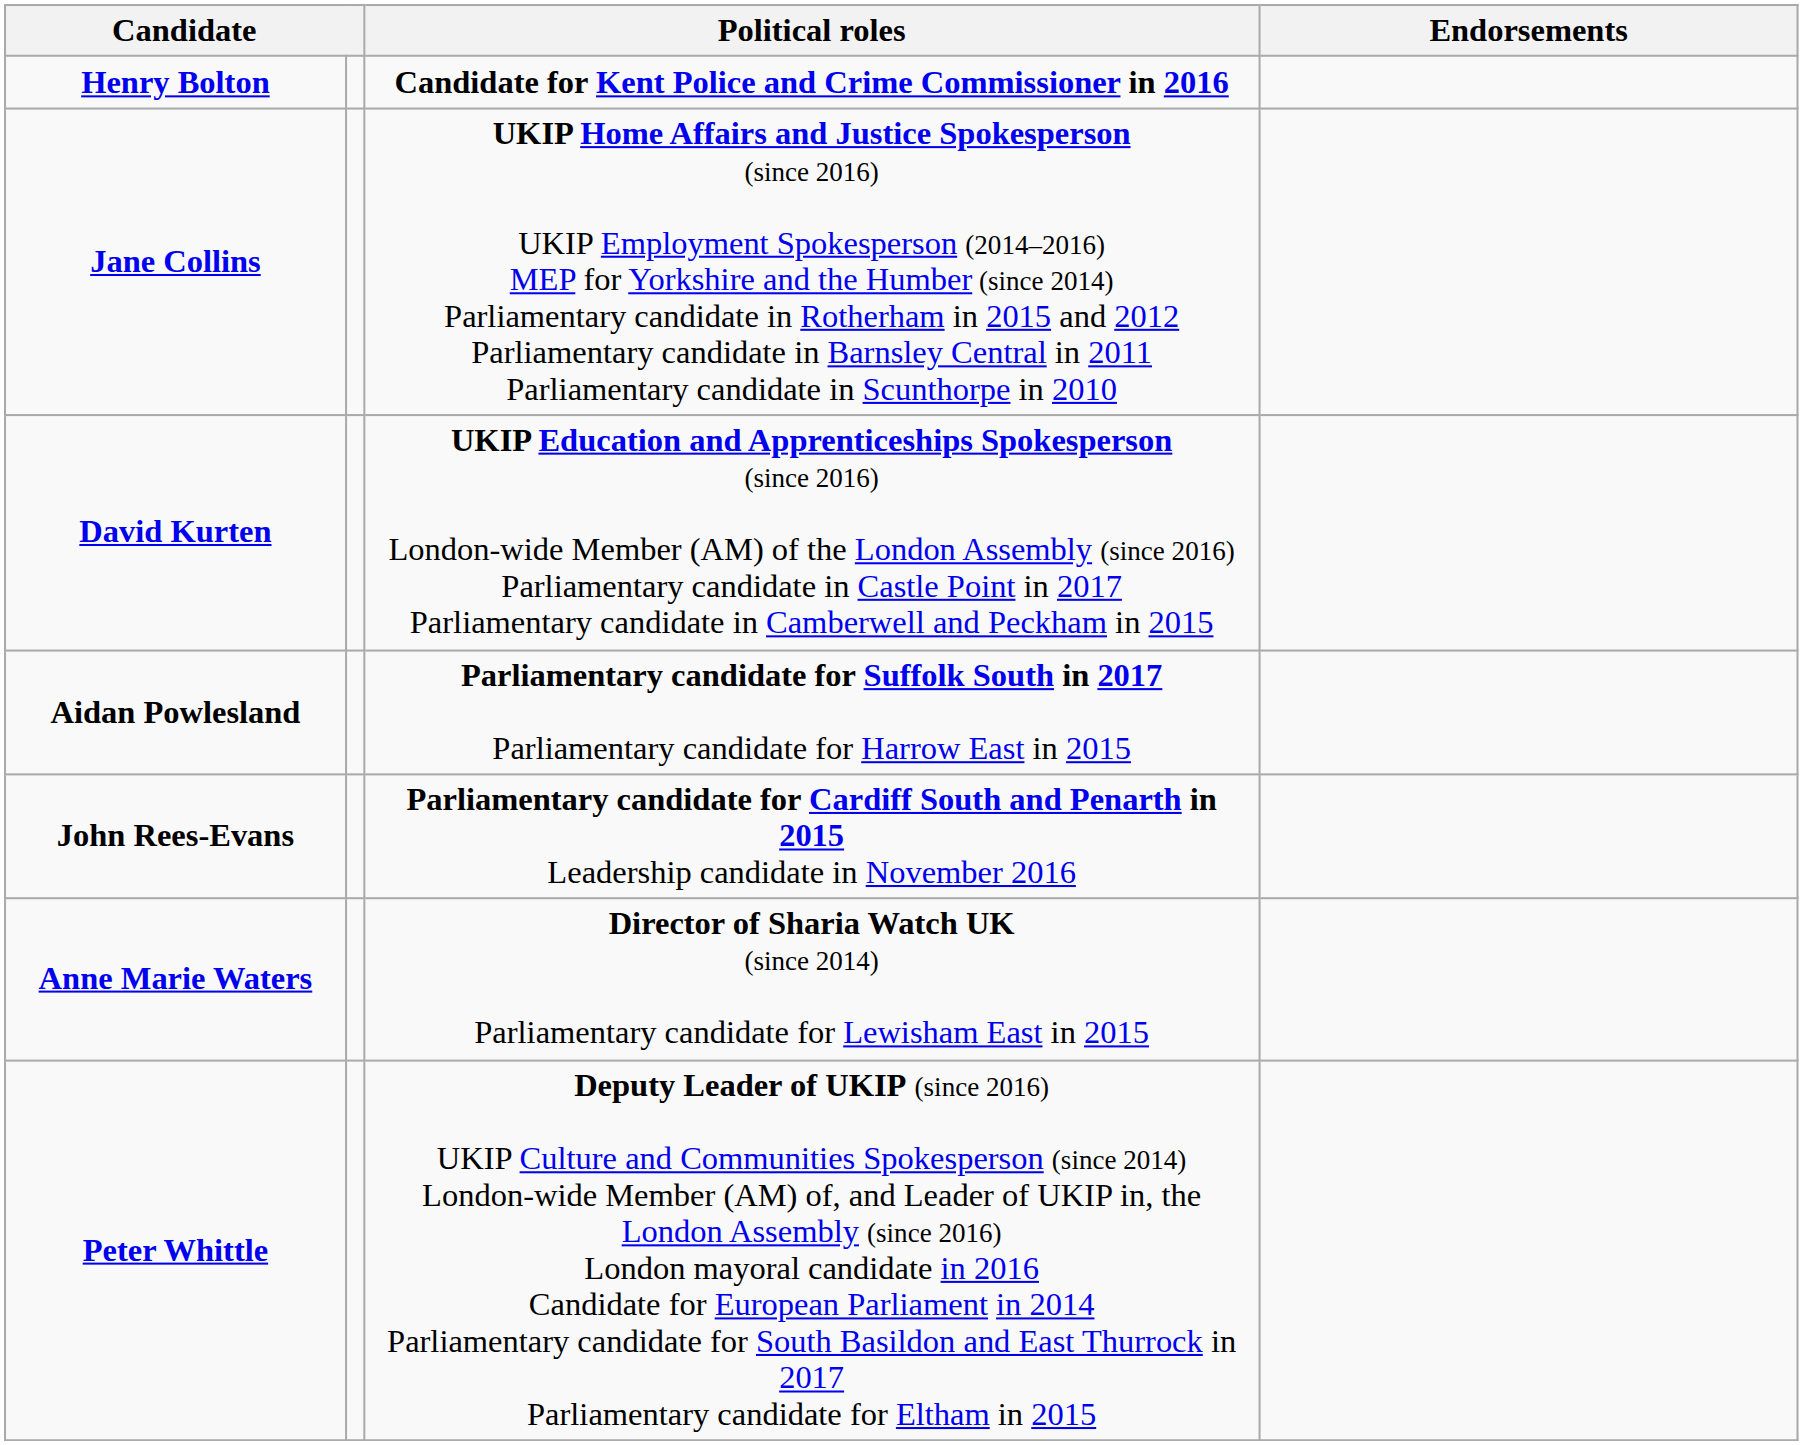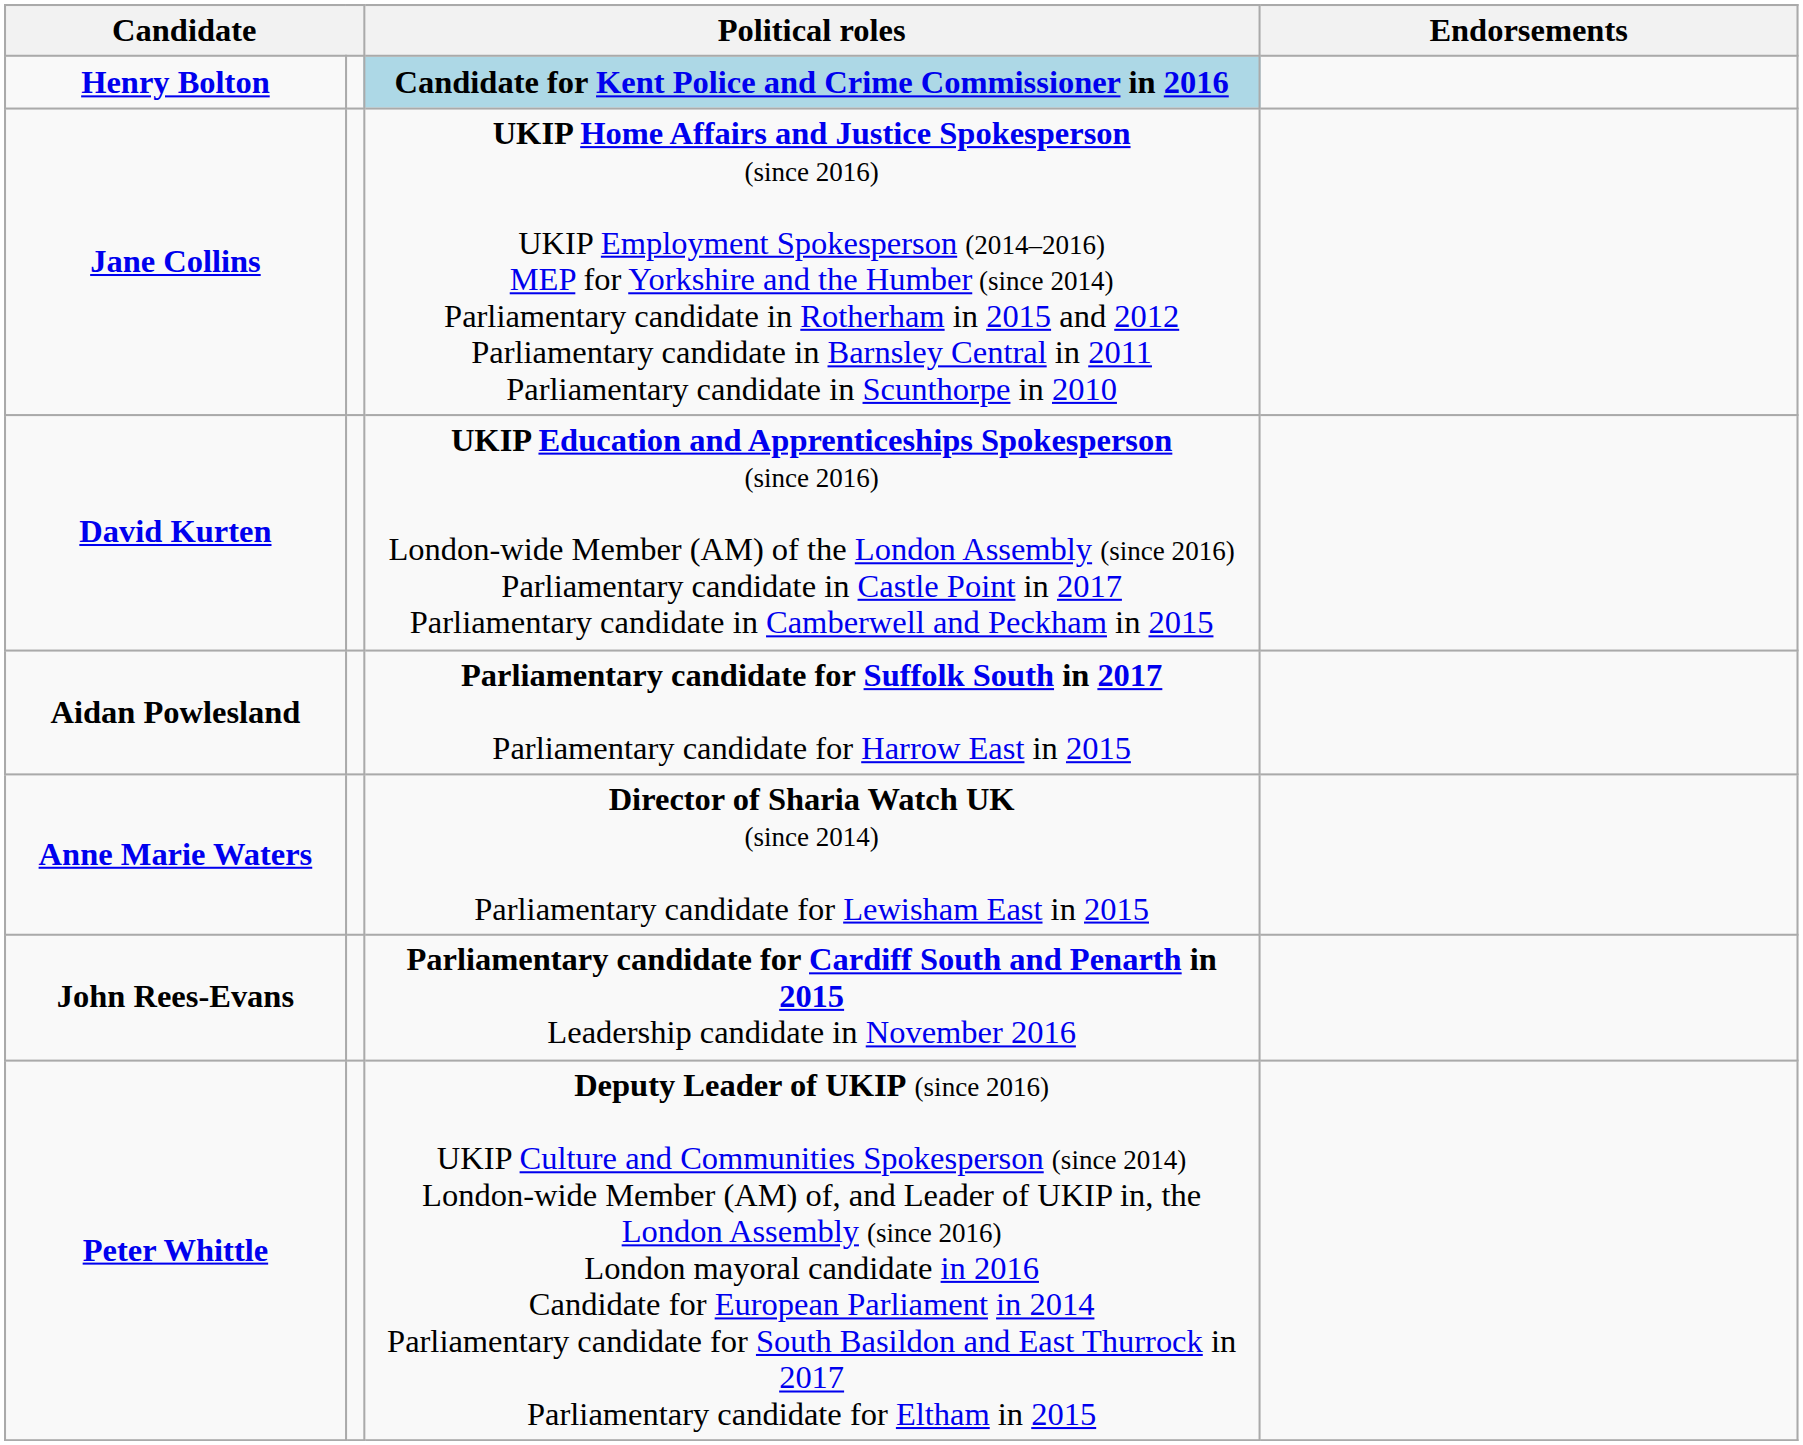 <table class="wikitable" style="width:100%; text-align:center;">
 <tr>
 <th colspan="2" style="width:20%;">Candidate</th>
 <th>Political roles</th>
 <th style="width:30%;">Endorsements</th>
 </tr>
 <tr>
 <td><strong><a href='#'>Henry Bolton</a></strong></td>
 <td></td>
-<td><strong>Candidate for <a href='#'>Kent Police and Crime Commissioner</a> in <a href='#'>2016</a></strong></td>
+<td style="background: lightblue;"><strong>Candidate for <a href='#'>Kent Police and Crime Commissioner</a> in <a href='#'>2016</a></strong></td>
 <td></td>
 </tr>
 <tr>
 <td><strong><a href='#'>Jane Collins</a></strong></td>
 <td></td>
 <td><strong>UKIP <a href='#'>Home Affairs and Justice Spokesperson</a></strong><br><small>(since 2016)</small><br><br>UKIP <a href='#'>Employment Spokesperson</a> <small>(2014–2016)</small><br> <a href='#'>MEP</a> for <a href='#'>Yorkshire and the Humber</a><small> (since 2014)</small><br> Parliamentary candidate in <a href='#'>Rotherham</a> in <a href='#'>2015</a> and <a href='#'>2012</a><br> Parliamentary candidate in <a href='#'>Barnsley Central</a> in <a href='#'>2011</a><br> Parliamentary candidate in <a href='#'>Scunthorpe</a> in <a href='#'>2010</a><br></td>
 <td></td>
 </tr>
 <tr>
 <td><strong><a href='#'>David Kurten</a></strong></td>
 <td></td>
 <td><strong>UKIP <a href='#'>Education and Apprenticeships Spokesperson</a></strong><br><small>(since 2016)</small><br><br>London-wide Member (AM) of the <a href='#'>London Assembly</a> <small>(since 2016)</small><br> Parliamentary candidate in <a href='#'>Castle Point</a> in <a href='#'>2017</a><br> Parliamentary candidate in <a href='#'>Camberwell and Peckham</a> in <a href='#'>2015</a></td>
 <td></td>
 </tr>
 <tr>
 <td><strong>Aidan Powlesland</strong></td>
 <td></td>
 <td><strong>Parliamentary candidate for <a href='#'>Suffolk South</a> in <a href='#'>2017</a></strong><br><br>Parliamentary candidate for <a href='#'>Harrow East</a> in <a href='#'>2015</a></td>
 <td></td>
 </tr>
 <tr>
+<td><strong><a href='#'>Anne Marie Waters</a></strong></td>
+<td></td>
+<td><strong>Director of Sharia Watch UK</strong><br><small>(since 2014)</small><br><br>Parliamentary candidate for <a href='#'>Lewisham East</a> in <a href='#'>2015</a></td>
+<td></td>
+</tr>
+<tr>
 <td><strong>John Rees-Evans</strong></td>
 <td></td>
 <td><strong>Parliamentary candidate for <a href='#'>Cardiff South and Penarth</a> in <a href='#'>2015</a></strong><br>Leadership candidate in <a href='#'>November 2016</a></td>
-<td></td>
-</tr>
-<tr>
-<td><strong><a href='#'>Anne Marie Waters</a></strong></td>
-<td></td>
-<td><strong>Director of Sharia Watch UK</strong><br><small>(since 2014)</small><br><br>Parliamentary candidate for <a href='#'>Lewisham East</a> in <a href='#'>2015</a></td>
 <td></td>
 </tr>
 <tr>
 <td><strong><a href='#'>Peter Whittle</a></strong></td>
 <td></td>
 <td><strong>Deputy Leader of UKIP</strong> <small>(since 2016)</small><br><br>UKIP <a href='#'>Culture and Communities Spokesperson</a> <small>(since 2014)</small><br> London-wide Member (AM) of, and Leader of UKIP in, the <a href='#'>London Assembly</a> <small>(since 2016)</small><br> London mayoral candidate <a href='#'>in 2016</a><br> Candidate for <a href='#'>European Parliament</a> <a href='#'>in 2014</a><br> Parliamentary candidate for <a href='#'>South Basildon and East Thurrock</a> in <a href='#'>2017</a><br> Parliamentary candidate for <a href='#'>Eltham</a> in <a href='#'>2015</a></td>
 <td></td>
 </tr>
 </table>
